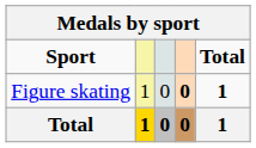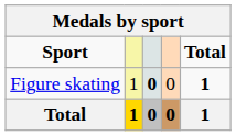 <table class=wikitable style="font-size:95%; float:right">
 <tr bgcolor=efefef>
 <th colspan=7><strong>Medals by sport</strong></th>
 </tr>
 <tr align=center>
 <td><strong>Sport</strong></td>
 <td bgcolor=f7f6a8></td>
 <td bgcolor=dce5e5></td>
 <td bgcolor=ffdab9></td>
 <td><strong>Total</strong></td>
 </tr>
 <tr align=center>
 <td><a href='#'>Figure skating</a></td>
 <td style="background:#F7F6A8;">1</td>
-<td style="background:#DCE5E5;">0</td>
-<td style="background:#FFDAB9;"><strong>0</strong></td>
+<td style="background:#DCE5E5;"><strong>0</strong></td>
+<td style="background:#FFDAB9;">0</td>
 <td><strong>1</strong></td>
 </tr>
 <tr align=center>
 <th>Total</th>
 <th style="background:gold">1</th>
 <th style="background:silver">0</th>
 <th style="background:#c96">0</th>
 <th>1</th>
 </tr>
 </table>
